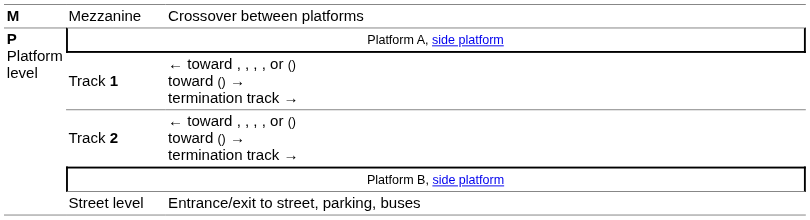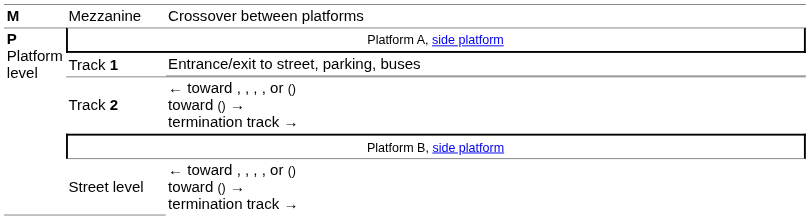 <table table border=0 cellspacing=0 cellpadding=3>
 <tr>
 <td style="border-top:solid 1px gray;" width=50><strong>M</strong></td>
 <td style="border-top:solid 1px gray;" width=100>Mezzanine</td>
 <td style="border-top:solid 1px gray;" width=675>Crossover between platforms</td>
 </tr>
 <tr>
 <td style="border-top:solid 1px gray;border-bottom:solid 1px gray;" rowspan=5 valign=top><strong>P</strong><br>Platform level</td>
 <td style="border-top:solid 1px gray;border-right:solid 2px black;border-left:solid 2px black;border-bottom:solid 2px black;text-align:center;" colspan=2><small>Platform A, <a href='#'>side platform</a></small></td>
 </tr>
 <tr>
 <td>Track <strong>1</strong></td>
-<td>←  toward , , , , or  <small>()</small><br>  toward  <small>()</small> →<br>  termination track →</td>
+<td style="border-bottom:solid 1px gray;">Entrance/exit to street, parking, buses</td>
 </tr>
 <tr>
 <td style="border-top:solid 1px gray">Track <strong>2</strong></td>
 <td style="border-top:solid 1px gray">←  toward , , , , or  <small>()</small><br>  toward  <small>()</small> → <br>  termination track →</td>
 </tr>
 <tr>
 <td style="border-bottom:solid 1px gray;border-right:solid 2px black;border-left:solid 2px black;border-top:solid 2px black;text-align:center;" colspan=2><small>Platform B, <a href='#'>side platform</a></small></td>
 </tr>
 <tr>
 <td style="border-bottom:solid 1px gray;">Street level</td>
-<td style="border-bottom:solid 1px gray;">Entrance/exit to street, parking, buses</td>
+<td>←  toward , , , , or  <small>()</small><br>  toward  <small>()</small> →<br>  termination track →</td>
 </tr>
 </table>
